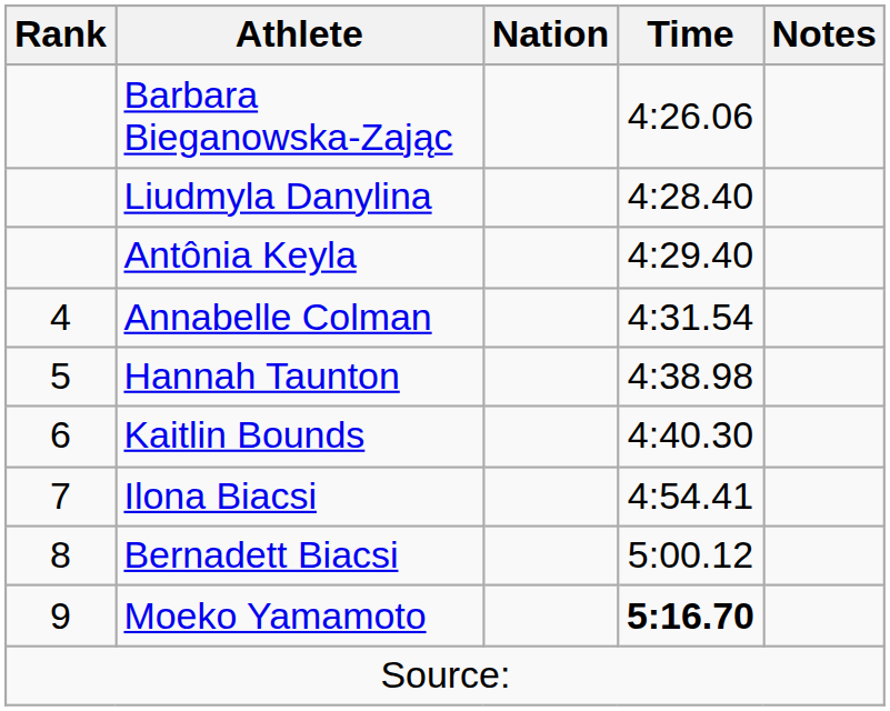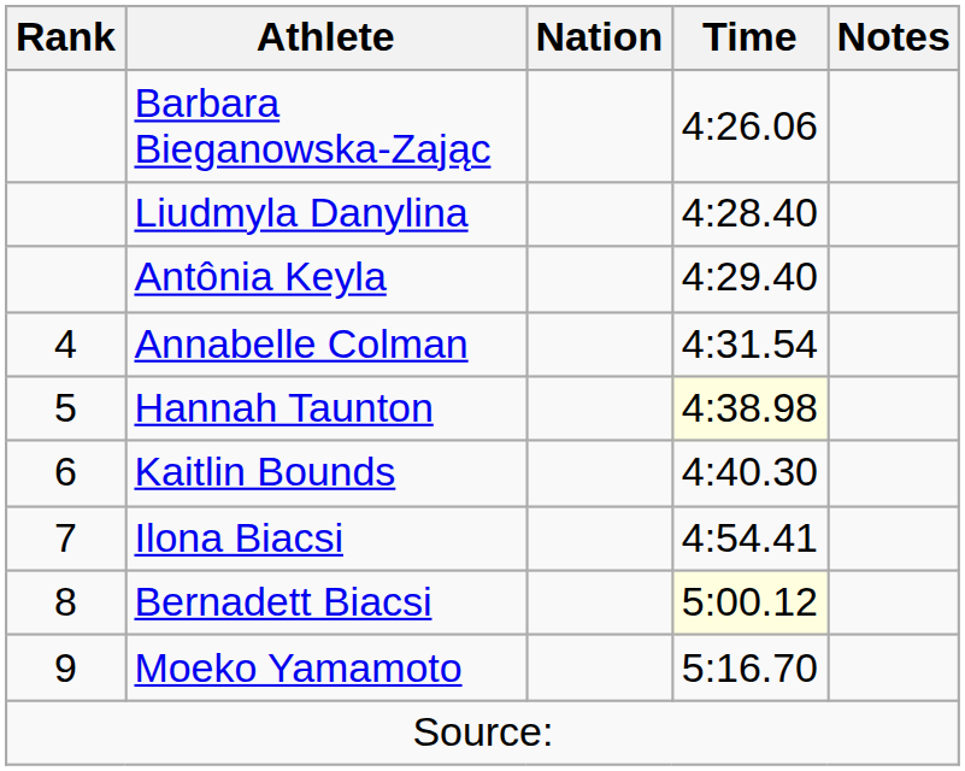 <table class="wikitable sortable" style="text-align:center;width: 60%;">
 <tr>
 <th scope="col" style="width: 10px;">Rank</th>
 <th scope="col">Athlete</th>
 <th scope="col">Nation</th>
 <th scope="col">Time</th>
 <th scope="col">Notes</th>
 </tr>
 <tr>
 <td></td>
 <td align=left><a href='#'>Barbara Bieganowska-Zając</a></td>
 <td align=left></td>
 <td>4:26.06</td>
 <td></td>
 </tr>
 <tr>
 <td></td>
 <td align=left><a href='#'>Liudmyla Danylina</a></td>
 <td align=left></td>
 <td>4:28.40</td>
 <td></td>
 </tr>
 <tr>
 <td></td>
 <td align=left><a href='#'>Antônia Keyla</a></td>
 <td align=left></td>
 <td>4:29.40</td>
 <td></td>
 </tr>
 <tr>
 <td>4</td>
 <td align=left><a href='#'>Annabelle Colman</a></td>
 <td align=left></td>
 <td>4:31.54</td>
 <td></td>
 </tr>
 <tr>
 <td>5</td>
 <td align=left><a href='#'>Hannah Taunton</a></td>
 <td align=left></td>
-<td>4:38.98</td>
+<td style="background: lightyellow;">4:38.98</td>
 <td></td>
 </tr>
 <tr>
 <td>6</td>
 <td align=left><a href='#'>Kaitlin Bounds</a></td>
 <td align=left></td>
 <td>4:40.30</td>
 <td></td>
 </tr>
 <tr>
 <td>7</td>
 <td align=left><a href='#'>Ilona Biacsi</a></td>
 <td align=left></td>
 <td>4:54.41</td>
 <td></td>
 </tr>
 <tr>
 <td>8</td>
 <td align=left><a href='#'>Bernadett Biacsi</a></td>
 <td align=left></td>
-<td>5:00.12</td>
+<td style="background: lightyellow;">5:00.12</td>
 <td></td>
 </tr>
 <tr>
 <td>9</td>
 <td align=left><a href='#'>Moeko Yamamoto</a></td>
 <td align=left></td>
-<td><strong>5:16.70</strong></td>
+<td>5:16.70</td>
 <td></td>
 </tr>
 <tr class="sortbottom">
 <td colspan="5">Source:</td>
 </tr>
 </table>
